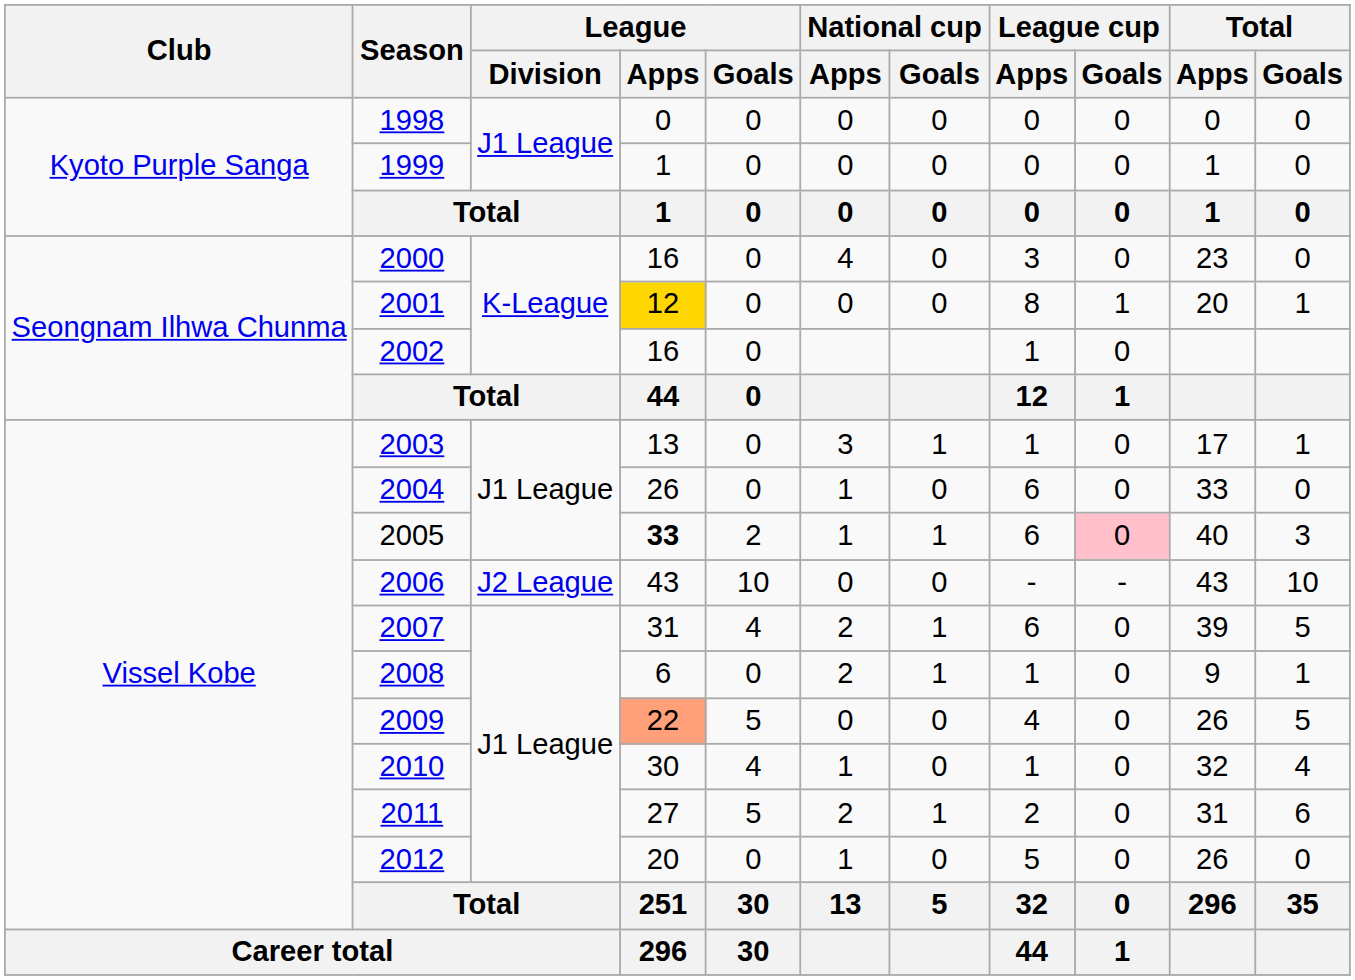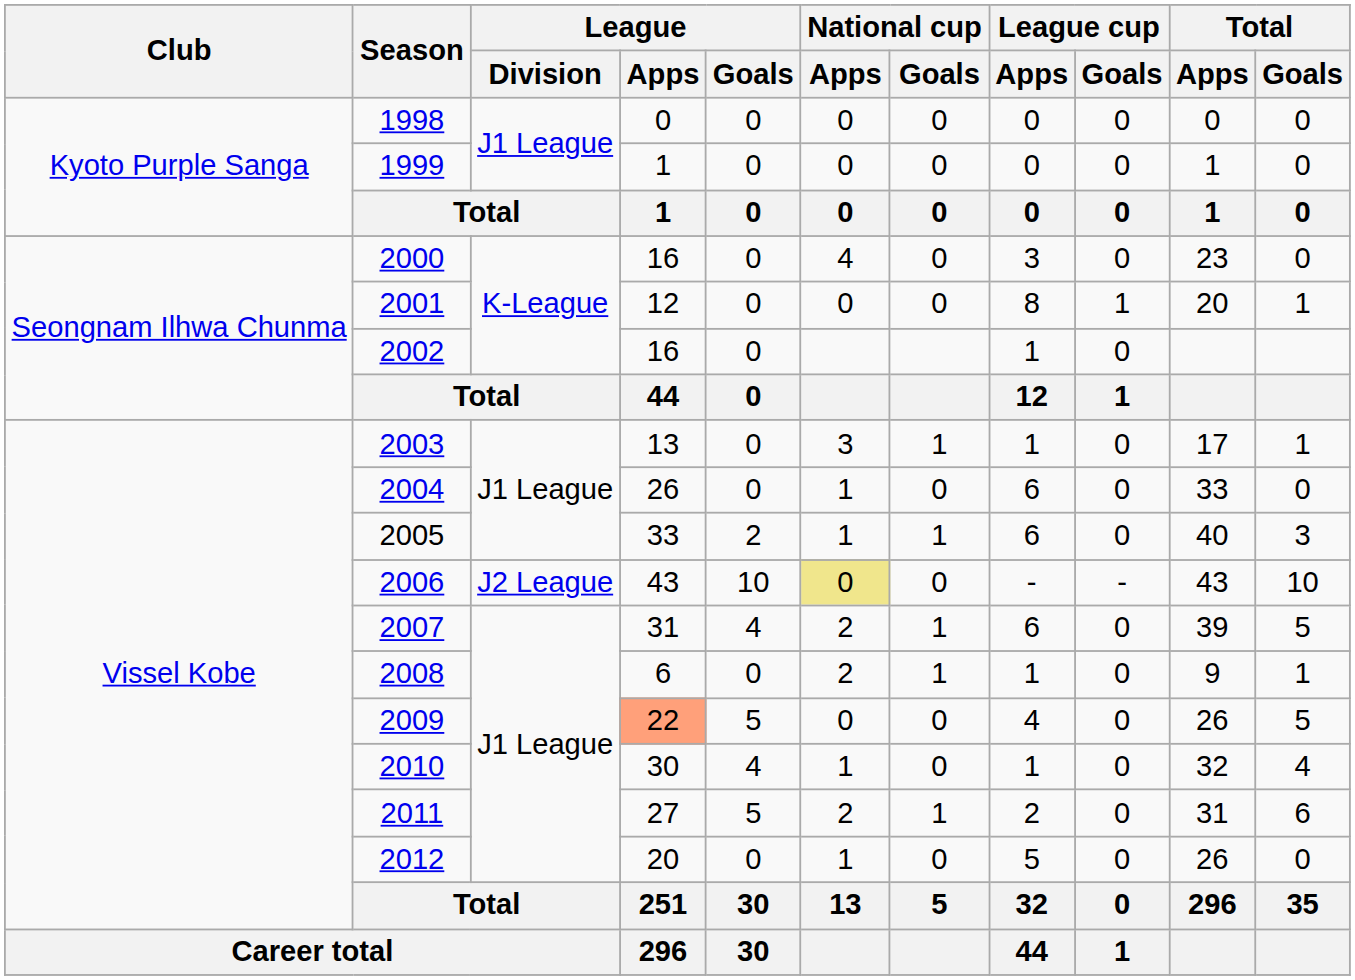 <table class="wikitable" style="text-align:center">
 <tr>
 <th rowspan="2">Club</th>
 <th rowspan="2">Season</th>
 <th colspan="3">League</th>
 <th colspan="2">National cup</th>
 <th colspan="2">League cup</th>
 <th colspan="2">Total</th>
 </tr>
 <tr>
 <th>Division</th>
 <th>Apps</th>
 <th>Goals</th>
 <th>Apps</th>
 <th>Goals</th>
 <th>Apps</th>
 <th>Goals</th>
 <th>Apps</th>
 <th>Goals</th>
 </tr>
 <tr>
 <td rowspan="3"><a href='#'>Kyoto Purple Sanga</a></td>
 <td><a href='#'>1998</a></td>
 <td rowspan="2"><a href='#'>J1 League</a></td>
 <td>0</td>
 <td>0</td>
 <td>0</td>
 <td>0</td>
 <td>0</td>
 <td>0</td>
 <td>0</td>
 <td>0</td>
 </tr>
 <tr>
 <td><a href='#'>1999</a></td>
 <td>1</td>
 <td>0</td>
 <td>0</td>
 <td>0</td>
 <td>0</td>
 <td>0</td>
 <td>1</td>
 <td>0</td>
 </tr>
 <tr>
 <th colspan="2">Total</th>
 <th>1</th>
 <th>0</th>
 <th>0</th>
 <th>0</th>
 <th>0</th>
 <th>0</th>
 <th>1</th>
 <th>0</th>
 </tr>
 <tr>
 <td rowspan="4"><a href='#'>Seongnam Ilhwa Chunma</a></td>
 <td><a href='#'>2000</a></td>
 <td rowspan="3"><a href='#'>K-League</a></td>
 <td>16</td>
 <td>0</td>
 <td>4</td>
 <td>0</td>
 <td>3</td>
 <td>0</td>
 <td>23</td>
 <td>0</td>
 </tr>
 <tr>
 <td><a href='#'>2001</a></td>
-<td style="background: gold;">12</td>
+<td>12</td>
 <td>0</td>
 <td>0</td>
 <td>0</td>
 <td>8</td>
 <td>1</td>
 <td>20</td>
 <td>1</td>
 </tr>
 <tr>
 <td><a href='#'>2002</a></td>
 <td>16</td>
 <td>0</td>
 <td></td>
 <td></td>
 <td>1</td>
 <td>0</td>
 <td></td>
 <td></td>
 </tr>
 <tr>
 <th colspan="2">Total</th>
 <th>44</th>
 <th>0</th>
 <th></th>
 <th></th>
 <th>12</th>
 <th>1</th>
 <th></th>
 <th></th>
 </tr>
 <tr>
 <td rowspan="11"><a href='#'>Vissel Kobe</a></td>
 <td><a href='#'>2003</a></td>
 <td rowspan="3">J1 League</td>
 <td>13</td>
 <td>0</td>
 <td>3</td>
 <td>1</td>
 <td>1</td>
 <td>0</td>
 <td>17</td>
 <td>1</td>
 </tr>
 <tr>
 <td><a href='#'>2004</a></td>
 <td>26</td>
 <td>0</td>
 <td>1</td>
 <td>0</td>
 <td>6</td>
 <td>0</td>
 <td>33</td>
 <td>0</td>
 </tr>
 <tr>
 <td>2005</td>
-<td><strong>33</strong></td>
+<td>33</td>
 <td>2</td>
 <td>1</td>
 <td>1</td>
 <td>6</td>
-<td style="background: pink;">0</td>
+<td>0</td>
 <td>40</td>
 <td>3</td>
 </tr>
 <tr>
 <td><a href='#'>2006</a></td>
 <td><a href='#'>J2 League</a></td>
 <td>43</td>
 <td>10</td>
-<td>0</td>
+<td style="background: khaki;">0</td>
 <td>0</td>
 <td>-</td>
 <td>-</td>
 <td>43</td>
 <td>10</td>
 </tr>
 <tr>
 <td><a href='#'>2007</a></td>
 <td rowspan="6">J1 League</td>
 <td>31</td>
 <td>4</td>
 <td>2</td>
 <td>1</td>
 <td>6</td>
 <td>0</td>
 <td>39</td>
 <td>5</td>
 </tr>
 <tr>
 <td><a href='#'>2008</a></td>
 <td>6</td>
 <td>0</td>
 <td>2</td>
 <td>1</td>
 <td>1</td>
 <td>0</td>
 <td>9</td>
 <td>1</td>
 </tr>
 <tr>
 <td><a href='#'>2009</a></td>
 <td style="background: lightsalmon;">22</td>
 <td>5</td>
 <td>0</td>
 <td>0</td>
 <td>4</td>
 <td>0</td>
 <td>26</td>
 <td>5</td>
 </tr>
 <tr>
 <td><a href='#'>2010</a></td>
 <td>30</td>
 <td>4</td>
 <td>1</td>
 <td>0</td>
 <td>1</td>
 <td>0</td>
 <td>32</td>
 <td>4</td>
 </tr>
 <tr>
 <td><a href='#'>2011</a></td>
 <td>27</td>
 <td>5</td>
 <td>2</td>
 <td>1</td>
 <td>2</td>
 <td>0</td>
 <td>31</td>
 <td>6</td>
 </tr>
 <tr>
 <td><a href='#'>2012</a></td>
 <td>20</td>
 <td>0</td>
 <td>1</td>
 <td>0</td>
 <td>5</td>
 <td>0</td>
 <td>26</td>
 <td>0</td>
 </tr>
 <tr>
 <th colspan="2">Total</th>
 <th>251</th>
 <th>30</th>
 <th>13</th>
 <th>5</th>
 <th>32</th>
 <th>0</th>
 <th>296</th>
 <th>35</th>
 </tr>
 <tr>
 <th colspan="3">Career total</th>
 <th>296</th>
 <th>30</th>
 <th></th>
 <th></th>
 <th>44</th>
 <th>1</th>
 <th></th>
 <th></th>
 </tr>
 </table>
